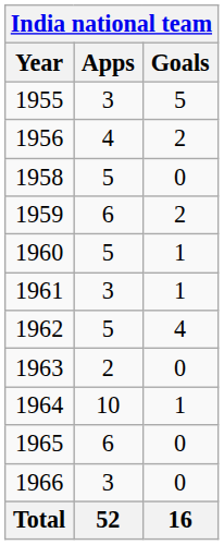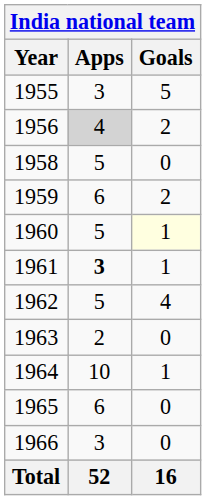 <table class="wikitable" style="text-align:center">
 <tr>
 <th colspan=3><a href='#'>India national team</a></th>
 </tr>
 <tr>
 <th>Year</th>
 <th>Apps</th>
 <th>Goals</th>
 </tr>
 <tr>
 <td>1955</td>
 <td>3</td>
 <td>5</td>
 </tr>
 <tr>
 <td>1956</td>
-<td>4</td>
+<td style="background: lightgrey;">4</td>
 <td>2</td>
 </tr>
 <tr>
 <td>1958</td>
 <td>5</td>
 <td>0</td>
 </tr>
 <tr>
 <td>1959</td>
 <td>6</td>
 <td>2</td>
 </tr>
 <tr>
 <td>1960</td>
 <td>5</td>
-<td>1</td>
+<td style="background: lightyellow;">1</td>
 </tr>
 <tr>
 <td>1961</td>
-<td>3</td>
+<td><strong>3</strong></td>
 <td>1</td>
 </tr>
 <tr>
 <td>1962</td>
 <td>5</td>
 <td>4</td>
 </tr>
 <tr>
 <td>1963</td>
 <td>2</td>
 <td>0</td>
 </tr>
 <tr>
 <td>1964</td>
 <td>10</td>
 <td>1</td>
 </tr>
 <tr>
 <td>1965</td>
 <td>6</td>
 <td>0</td>
 </tr>
 <tr>
 <td>1966</td>
 <td>3</td>
 <td>0</td>
 </tr>
 <tr>
 <th>Total</th>
 <th>52</th>
 <th>16</th>
 </tr>
 </table>
